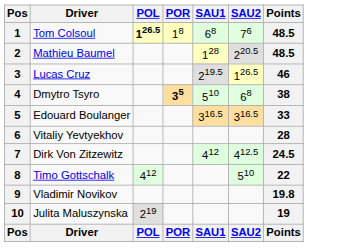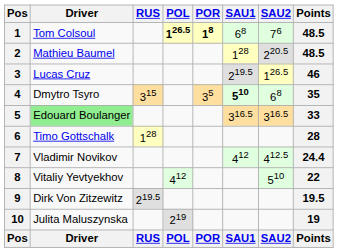 <table class="wikitable" style="font-size: 85%; text-align: center; display: inline-table;">
 <tr valign="top">
 <th valign="middle">Pos</th>
 <th valign="middle">Driver</th>
+<th><a href='#'>RUS</a><br></th>
 <th><a href='#'>POL</a><br></th>
 <th><a href='#'>POR</a><br></th>
 <th><a href='#'>SAU1</a><br></th>
 <th><a href='#'>SAU2</a><br></th>
 <th valign="middle">Points</th>
 </tr>
 <tr>
 <th>1</th>
 <td align=left> <a href='#'>Tom Colsoul</a></td>
+<td></td>
 <td style="background:#ffffbf;"><strong>1<sup>26.5</sup></strong></td>
-<td style="background:#ffffbf;">1<sup>8</sup></td>
+<td style="background:#ffffbf;"><strong>1<sup>8</sup></strong></td>
 <td style="background:#dfffdf;">6<sup>8</sup></td>
 <td style="background:#dfffdf;">7<sup>6</sup></td>
 <th>48.5</th>
 </tr>
 <tr>
 <th>2</th>
 <td align=left> <a href='#'>Mathieu Baumel</a></td>
+<td></td>
 <td></td>
 <td></td>
 <td style="background:#ffffbf;">1<sup>28</sup></td>
 <td style="background:#dfdfdf;">2<sup>20.5</sup></td>
 <th>48.5</th>
 </tr>
 <tr>
 <th>3</th>
 <td align=left> <a href='#'>Lucas Cruz</a></td>
 <td></td>
 <td></td>
+<td></td>
 <td style="background:#dfdfdf;">2<sup>19.5</sup></td>
 <td style="background:#ffffbf;">1<sup>26.5</sup></td>
 <th>46</th>
 </tr>
 <tr>
 <th>4</th>
 <td align=left> Dmytro Tsyro</td>
+<td style="background:#ffdf9f;">3<sup>15</sup></td>
 <td></td>
-<td style="background:#ffdf9f;"><strong>3<sup>5</sup></strong></td>
-<td style="background:#dfffdf;">5<sup>10</sup></td>
+<td style="background:#ffdf9f;">3<sup>5</sup></td>
+<td style="background:#dfffdf;"><strong>5<sup>10</sup></strong></td>
 <td style="background:#dfffdf;">6<sup>8</sup></td>
-<th>38</th>
+<th>35</th>
 </tr>
 <tr>
 <th>5</th>
-<td align=left> Edouard Boulanger</td>
+<td align=left style="background: lightgreen;"> Edouard Boulanger</td>
+<td></td>
 <td></td>
 <td></td>
 <td style="background:#ffdf9f;">3<sup>16.5</sup></td>
 <td style="background:#ffdf9f;">3<sup>16.5</sup></td>
 <th>33</th>
 </tr>
 <tr>
 <th>6</th>
-<td align=left> Vitaliy Yevtyekhov</td>
+<td align=left> <a href='#'>Timo Gottschalk</a></td>
+<td style="background:#ffffbf;">1<sup>28</sup></td>
 <td></td>
 <td></td>
 <td></td>
 <td></td>
 <th>28</th>
 </tr>
 <tr>
 <th>7</th>
-<td align=left> Dirk Von Zitzewitz</td>
+<td align=left> Vladimir Novikov</td>
+<td></td>
 <td></td>
 <td></td>
 <td style="background:#dfffdf;">4<sup>12</sup></td>
 <td style="background:#dfffdf;">4<sup>12.5</sup></td>
-<th>24.5</th>
+<th>24.4</th>
 </tr>
 <tr>
 <th>8</th>
-<td align=left> <a href='#'>Timo Gottschalk</a></td>
+<td align=left> Vitaliy Yevtyekhov</td>
+<td></td>
 <td style="background:#dfffdf;">4<sup>12</sup></td>
 <td></td>
 <td></td>
 <td style="background:#dfffdf;">5<sup>10</sup></td>
 <th>22</th>
 </tr>
 <tr>
 <th>9</th>
-<td align=left> Vladimir Novikov</td>
+<td align=left> Dirk Von Zitzewitz</td>
+<td style="background:#dfdfdf;">2<sup>19.5</sup></td>
 <td></td>
 <td></td>
 <td></td>
 <td></td>
-<th>19.8</th>
+<th>19.5</th>
 </tr>
 <tr>
 <th>10</th>
 <td align=left> Julita Maluszynska</td>
+<td></td>
 <td style="background:#dfdfdf;">2<sup>19</sup></td>
 <td></td>
 <td></td>
 <td></td>
 <th>19</th>
 </tr>
 <tr valign="top">
 <th valign="middle">Pos</th>
 <th valign="middle">Driver</th>
+<th><a href='#'>RUS</a><br></th>
 <th><a href='#'>POL</a><br></th>
 <th><a href='#'>POR</a><br></th>
 <th><a href='#'>SAU1</a><br></th>
 <th><a href='#'>SAU2</a><br></th>
 <th valign="middle">Points</th>
 </tr>
 </table>
